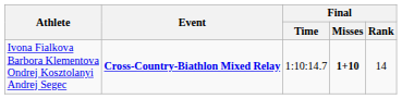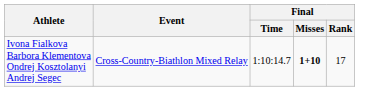 <table class="wikitable">
 <tr>
 <th rowspan="2">Athlete</th>
 <th rowspan="2">Event</th>
 <th colspan="3">Final</th>
 </tr>
 <tr>
 <th>Time</th>
 <th>Misses</th>
 <th>Rank</th>
 </tr>
 <tr>
 <td><a href='#'>Ivona Fialkova</a><br><a href='#'>Barbora Klementova</a><br><a href='#'>Ondrej Kosztolanyi</a><br><a href='#'>Andrej Segec</a></td>
-<td><strong><a href='#'>Cross-Country-Biathlon Mixed Relay</a></strong></td>
+<td><a href='#'>Cross-Country-Biathlon Mixed Relay</a></td>
 <td align="center">1:10:14.7</td>
 <td align="center"><strong>1+10</strong></td>
-<td align="center">14</td>
+<td align="center">17</td>
 </tr>
 </table>
